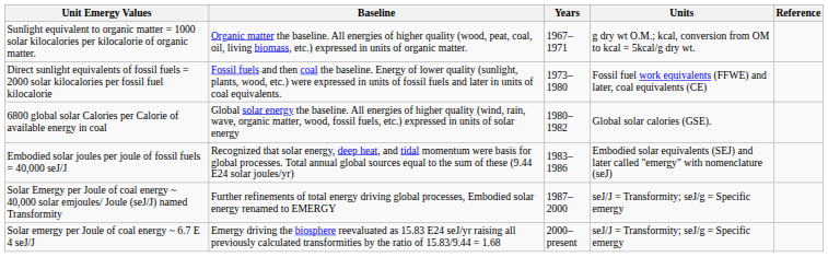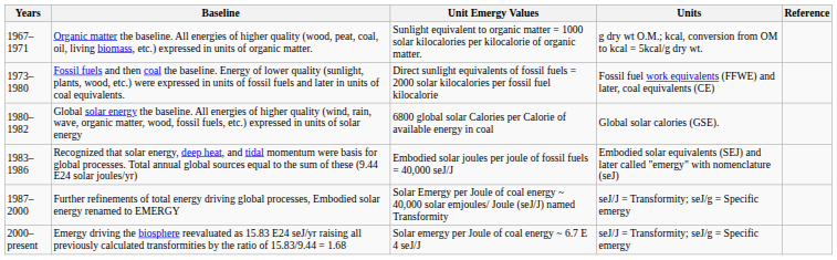 <table class="wikitable">
 <tr>
+<th>Years</th>
+<th>Baseline</th>
 <th>Unit Emergy Values</th>
-<th>Baseline</th>
-<th>Years</th>
 <th>Units</th>
 <th>Reference</th>
 </tr>
 <tr>
+<td>1967–1971</td>
+<td><a href='#'>Organic matter</a> the baseline. All energies of higher quality (wood, peat, coal, oil, living <a href='#'>biomass</a>, etc.) expressed in units of organic matter.</td>
 <td>Sunlight equivalent to organic matter = 1000 solar kilocalories per kilocalorie of organic matter.</td>
-<td><a href='#'>Organic matter</a> the baseline. All energies of higher quality (wood, peat, coal, oil, living <a href='#'>biomass</a>, etc.) expressed in units of organic matter.</td>
-<td>1967–1971</td>
 <td>g dry wt O.M.; kcal, conversion from OM to kcal = 5kcal/g dry wt.</td>
 <td></td>
 </tr>
 <tr>
+<td>1973–1980</td>
+<td><a href='#'>Fossil fuels</a> and then <a href='#'>coal</a> the baseline. Energy of lower quality (sunlight, plants, wood, etc.) were expressed in units of fossil fuels and later in units of coal equivalents.</td>
 <td>Direct sunlight equivalents of fossil fuels = 2000 solar kilocalories per fossil fuel kilocalorie</td>
-<td><a href='#'>Fossil fuels</a> and then <a href='#'>coal</a> the baseline. Energy of lower quality (sunlight, plants, wood, etc.) were expressed in units of fossil fuels and later in units of coal equivalents.</td>
-<td>1973–1980</td>
 <td>Fossil fuel <a href='#'>work equivalents</a> (FFWE) and later, coal equivalents (CE)</td>
 <td></td>
 </tr>
 <tr>
+<td>1980–1982</td>
+<td>Global <a href='#'>solar energy</a> the baseline. All energies of higher quality (wind, rain, wave, organic matter, wood, fossil fuels, etc.) expressed in units of solar energy</td>
 <td>6800 global solar Calories per Calorie of available energy in coal</td>
-<td>Global <a href='#'>solar energy</a> the baseline. All energies of higher quality (wind, rain, wave, organic matter, wood, fossil fuels, etc.) expressed in units of solar energy</td>
-<td>1980–1982</td>
 <td>Global solar calories (GSE).</td>
 <td></td>
 </tr>
 <tr>
+<td>1983–1986</td>
+<td>Recognized that solar energy, <a href='#'>deep heat</a>, and <a href='#'>tidal</a> momentum were basis for global processes. Total annual global sources equal to the sum of these (9.44 E24 solar joules/yr)</td>
 <td>Embodied solar joules per joule of fossil fuels = 40,000 seJ/J</td>
-<td>Recognized that solar energy, <a href='#'>deep heat</a>, and <a href='#'>tidal</a> momentum were basis for global processes. Total annual global sources equal to the sum of these (9.44 E24 solar joules/yr)</td>
-<td>1983–1986</td>
 <td>Embodied solar equivalents (SEJ) and later called "emergy" with nomenclature (seJ)</td>
 <td></td>
 </tr>
 <tr>
+<td>1987–2000</td>
+<td>Further refinements of total energy driving global processes, Embodied solar energy renamed to EMERGY</td>
 <td>Solar Emergy per Joule of coal energy ~ 40,000 solar emjoules/ Joule (seJ/J) named Transformity</td>
-<td>Further refinements of total energy driving global processes, Embodied solar energy renamed to EMERGY</td>
-<td>1987–2000</td>
 <td>seJ/J = Transformity; seJ/g = Specific emergy</td>
 <td></td>
 </tr>
 <tr>
+<td>2000–present</td>
+<td>Emergy driving the <a href='#'>biosphere</a> reevaluated as 15.83 E24 seJ/yr raising all previously calculated transformities by the ratio of 15.83/9.44 = 1.68</td>
 <td>Solar emergy per Joule of coal energy ~ 6.7 E 4 seJ/J</td>
-<td>Emergy driving the <a href='#'>biosphere</a> reevaluated as 15.83 E24 seJ/yr raising all previously calculated transformities by the ratio of 15.83/9.44 = 1.68</td>
-<td>2000–present</td>
 <td>seJ/J = Transformity; seJ/g = Specific emergy</td>
 <td></td>
 </tr>
 </table>
